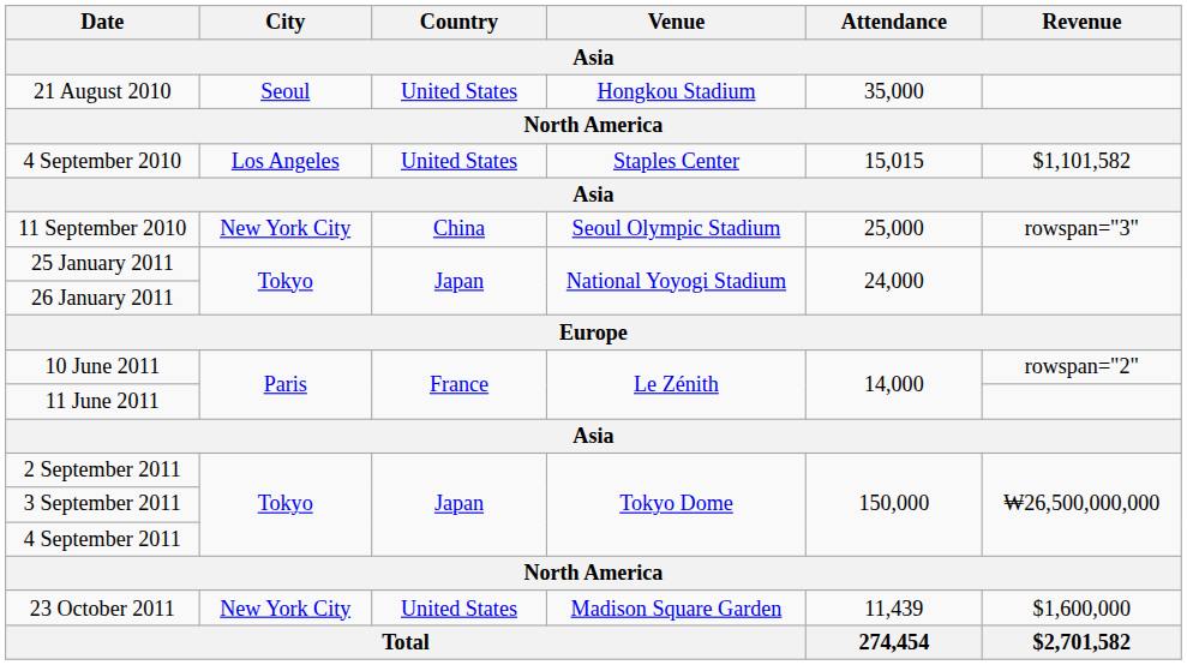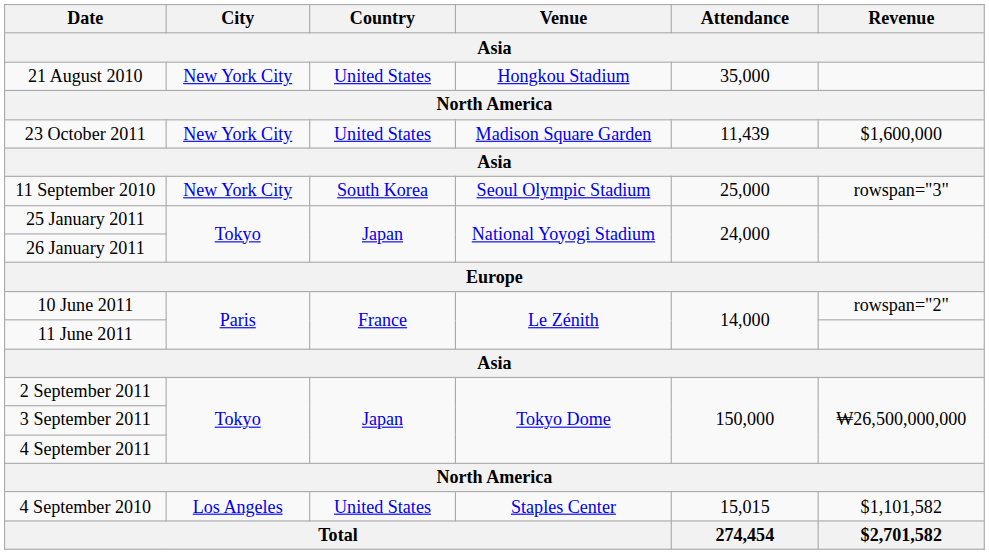 <table class="wikitable" style="text-align:center;">
 <tr>
 <th scope="col" style="width:12em;">Date</th>
 <th scope="col" style="width:11em;">City</th>
 <th scope="col" style="width:11em;">Country</th>
 <th scope="col" style="width:18em;">Venue</th>
 <th scope="col" style="width:10em;">Attendance</th>
 <th scope="col" style="width:10em;">Revenue</th>
 </tr>
 <tr>
 <th colspan=6>Asia</th>
 </tr>
 <tr>
 <td>21 August 2010</td>
-<td><a href='#'>Seoul</a></td>
+<td><a href='#'>New York City</a></td>
 <td><a href='#'>United States</a></td>
 <td><a href='#'>Hongkou Stadium</a></td>
 <td>35,000</td>
 <td></td>
 </tr>
 <tr>
 <th colspan=6>North America</th>
 </tr>
 <tr>
-<td>4 September 2010</td>
-<td><a href='#'>Los Angeles</a></td>
+<td>23 October 2011</td>
+<td><a href='#'>New York City</a></td>
 <td><a href='#'>United States</a></td>
-<td><a href='#'>Staples Center</a></td>
-<td>15,015</td>
-<td>$1,101,582</td>
+<td><a href='#'>Madison Square Garden</a></td>
+<td>11,439</td>
+<td>$1,600,000 </td>
 </tr>
 <tr>
 <th colspan=6>Asia</th>
 </tr>
 <tr>
 <td>11 September 2010</td>
 <td><a href='#'>New York City</a></td>
-<td><a href='#'>China</a></td>
+<td><a href='#'>South Korea</a></td>
 <td><a href='#'>Seoul Olympic Stadium</a></td>
 <td>25,000</td>
 <td>rowspan="3" </td>
 </tr>
 <tr>
 <td>25 January 2011</td>
 <td rowspan="2"><a href='#'>Tokyo</a></td>
 <td rowspan="2"><a href='#'>Japan</a></td>
 <td rowspan="2"><a href='#'>National Yoyogi Stadium</a></td>
 <td rowspan="2">24,000</td>
 </tr>
 <tr>
 <td>26 January 2011</td>
 </tr>
 <tr>
 <th colspan=6>Europe</th>
 </tr>
 <tr>
 <td>10 June 2011</td>
 <td rowspan="2"><a href='#'>Paris</a></td>
 <td rowspan="2"><a href='#'>France</a></td>
 <td rowspan="2"><a href='#'>Le Zénith</a></td>
 <td rowspan="2">14,000</td>
 <td>rowspan="2" </td>
 </tr>
 <tr>
 <td>11 June 2011</td>
 </tr>
 <tr>
 <th colspan=6>Asia</th>
 </tr>
 <tr>
 <td>2 September 2011</td>
 <td rowspan="3"><a href='#'>Tokyo</a></td>
 <td rowspan="3"><a href='#'>Japan</a></td>
 <td rowspan="3"><a href='#'>Tokyo Dome</a></td>
 <td rowspan="3">150,000</td>
 <td rowspan="3">₩26,500,000,000</td>
 </tr>
 <tr>
 <td>3 September 2011</td>
 </tr>
 <tr>
 <td>4 September 2011</td>
 </tr>
 <tr>
 <th colspan=6>North America</th>
 </tr>
 <tr>
-<td>23 October 2011</td>
-<td><a href='#'>New York City</a></td>
+<td>4 September 2010</td>
+<td><a href='#'>Los Angeles</a></td>
 <td><a href='#'>United States</a></td>
-<td><a href='#'>Madison Square Garden</a></td>
-<td>11,439</td>
-<td>$1,600,000 </td>
+<td><a href='#'>Staples Center</a></td>
+<td>15,015</td>
+<td>$1,101,582</td>
 </tr>
 <tr>
 <th colspan="4">Total</th>
 <th>274,454</th>
 <th>$2,701,582</th>
 </tr>
 </table>
